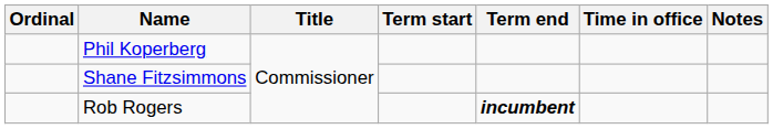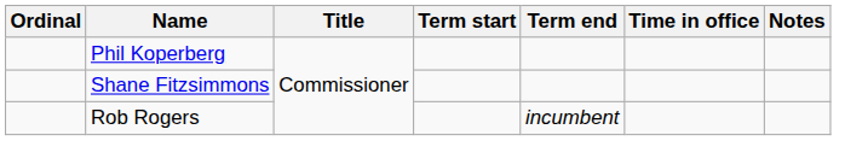 <table class="wikitable sortable">
 <tr>
 <th scope="col">Ordinal</th>
 <th scope="col">Name</th>
 <th scope="col">Title</th>
 <th scope="col">Term start</th>
 <th scope="col">Term end</th>
 <th scope="col">Time in office</th>
 <th scope="col">Notes</th>
 </tr>
 <tr>
 <td align=center></td>
 <td><a href='#'>Phil Koperberg</a> </td>
 <td rowspan="3">Commissioner</td>
 <td align=center></td>
 <td align=center></td>
 <td align=right></td>
 <td></td>
 </tr>
 <tr>
 <td align=center></td>
 <td><a href='#'>Shane Fitzsimmons</a> </td>
 <td align=center></td>
 <td align=center></td>
 <td align="right"><strong></strong></td>
 <td></td>
 </tr>
 <tr>
 <td align=center></td>
 <td>Rob Rogers </td>
 <td align=center></td>
-<td align=center><strong><em>incumbent</em></strong></td>
+<td align=center><em>incumbent</em></td>
 <td align=right></td>
 <td></td>
 </tr>
 </table>
